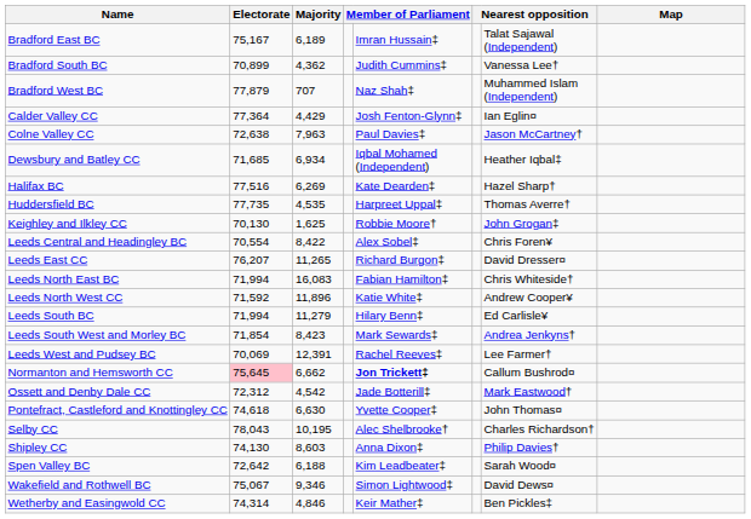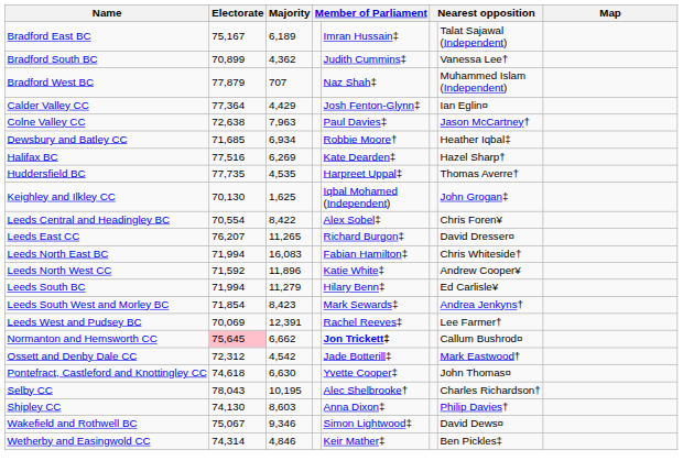 <table class="wikitable sortable">
 <tr>
 <th rowspan="1">Name</th>
 <th rowspan="1">Electorate</th>
 <th rowspan="1">Majority</th>
 <th class="unsortable" colspan="2"><a href='#'>Member of Parliament</a></th>
 <th class="unsortable" colspan="2">Nearest opposition</th>
 <th rowspan=1 class="unsortable" style="width:20%;">Map</th>
 </tr>
 <tr>
 <td><a href='#'>Bradford East BC</a></td>
 <td>75,167</td>
 <td>6,189</td>
 <td style="color:inherit;background:"></td>
 <td><a href='#'>Imran Hussain</a>‡</td>
 <td style="color:inherit;background:"></td>
 <td>Talat Sajawal<br>(<a href='#'>Independent</a>)</td>
 <td></td>
 </tr>
 <tr>
 <td><a href='#'>Bradford South BC</a></td>
 <td>70,899</td>
 <td>4,362</td>
 <td style="color:inherit;background:"></td>
 <td><a href='#'>Judith Cummins</a>‡</td>
 <td style="color:inherit;background:"></td>
 <td>Vanessa Lee†</td>
 <td></td>
 </tr>
 <tr>
 <td><a href='#'>Bradford West BC</a></td>
 <td>77,879</td>
 <td>707</td>
 <td style="color:inherit;background:"></td>
 <td><a href='#'>Naz Shah</a>‡</td>
 <td style="color:inherit;background:"></td>
 <td>Muhammed Islam<br>(<a href='#'>Independent</a>)</td>
 <td></td>
 </tr>
 <tr>
 <td><a href='#'>Calder Valley CC</a></td>
 <td>77,364</td>
 <td>4,429</td>
 <td style="color:inherit;background:"></td>
 <td><a href='#'>Josh Fenton-Glynn</a>‡</td>
 <td style="color:inherit;background:"></td>
 <td>Ian Eglin¤</td>
 <td></td>
 </tr>
 <tr>
 <td><a href='#'>Colne Valley CC</a></td>
 <td>72,638</td>
 <td>7,963</td>
 <td style="color:inherit;background:"></td>
 <td><a href='#'>Paul Davies</a>‡</td>
 <td style="color:inherit;background:"></td>
 <td><a href='#'>Jason McCartney</a>†</td>
 <td></td>
 </tr>
 <tr>
 <td><a href='#'>Dewsbury and Batley CC</a></td>
 <td>71,685</td>
 <td>6,934</td>
 <td style="color:inherit;background:"></td>
-<td><a href='#'>Iqbal Mohamed</a><br>(<a href='#'>Independent</a>)</td>
+<td><a href='#'>Robbie Moore</a>†</td>
 <td style="color:inherit;background:"></td>
 <td>Heather Iqbal‡</td>
 <td></td>
 </tr>
 <tr>
 <td><a href='#'>Halifax BC</a></td>
 <td>77,516</td>
 <td>6,269</td>
 <td style="color:inherit;background:"></td>
 <td><a href='#'>Kate Dearden</a>‡</td>
 <td style="color:inherit;background:"></td>
 <td>Hazel Sharp†</td>
 <td></td>
 </tr>
 <tr>
 <td><a href='#'>Huddersfield BC</a></td>
 <td>77,735</td>
 <td>4,535</td>
 <td style="color:inherit;background:"> </td>
 <td><a href='#'>Harpreet Uppal</a>‡</td>
 <td style="color:inherit;background:"> </td>
 <td>Thomas Averre†</td>
 <td></td>
 </tr>
 <tr>
 <td><a href='#'>Keighley and Ilkley CC</a></td>
 <td>70,130</td>
 <td>1,625</td>
 <td style="color:inherit;background:"></td>
-<td><a href='#'>Robbie Moore</a>†</td>
+<td><a href='#'>Iqbal Mohamed</a><br>(<a href='#'>Independent</a>)</td>
 <td style="color:inherit;background:"></td>
 <td><a href='#'>John Grogan</a>‡</td>
 <td></td>
 </tr>
 <tr>
 <td><a href='#'>Leeds Central and Headingley BC</a></td>
 <td>70,554</td>
 <td>8,422</td>
 <td style="color:inherit;background:"></td>
 <td><a href='#'>Alex Sobel</a>‡</td>
 <td style="color:inherit;background:"> </td>
 <td>Chris Foren¥</td>
 <td></td>
 </tr>
 <tr>
 <td><a href='#'>Leeds East CC</a></td>
 <td>76,207</td>
 <td>11,265</td>
 <td style="color:inherit;background:"></td>
 <td><a href='#'>Richard Burgon</a>‡</td>
 <td style="color:inherit;background:"></td>
 <td>David Dresser¤</td>
 <td></td>
 </tr>
 <tr>
 <td><a href='#'>Leeds North East BC</a></td>
 <td>71,994</td>
 <td>16,083</td>
 <td style="color:inherit;background:"></td>
 <td><a href='#'>Fabian Hamilton</a>‡</td>
 <td style="color:inherit;background:"></td>
 <td>Chris Whiteside†</td>
 <td></td>
 </tr>
 <tr>
 <td><a href='#'>Leeds North West CC</a></td>
 <td>71,592</td>
 <td>11,896</td>
 <td style="color:inherit;background:"></td>
 <td><a href='#'>Katie White</a>‡</td>
 <td style="color:inherit;background:"> </td>
 <td>Andrew Cooper¥</td>
 <td></td>
 </tr>
 <tr>
 <td><a href='#'>Leeds South BC</a></td>
 <td>71,994</td>
 <td>11,279</td>
 <td style="color:inherit;background:"></td>
 <td><a href='#'>Hilary Benn</a>‡</td>
 <td style="color:inherit;background:"> </td>
 <td>Ed Carlisle¥</td>
 <td></td>
 </tr>
 <tr>
 <td><a href='#'>Leeds South West and Morley BC</a></td>
 <td>71,854</td>
 <td>8,423</td>
 <td style="color:inherit;background:"> </td>
 <td><a href='#'>Mark Sewards</a>‡</td>
 <td style="color:inherit;background:"></td>
 <td><a href='#'>Andrea Jenkyns</a>†</td>
 <td></td>
 </tr>
 <tr>
 <td><a href='#'>Leeds West and Pudsey BC</a></td>
 <td>70,069</td>
 <td>12,391</td>
 <td style="color:inherit;background:"> </td>
 <td><a href='#'>Rachel Reeves</a>‡</td>
 <td style="color:inherit;background:"></td>
 <td>Lee Farmer†</td>
 <td></td>
 </tr>
 <tr>
 <td><a href='#'>Normanton and Hemsworth CC</a></td>
 <td style="background: pink;">75,645</td>
 <td>6,662</td>
 <td style="color:inherit;background:"></td>
 <td><strong><a href='#'>Jon Trickett</a>‡</strong></td>
 <td style="color:inherit;background:"></td>
 <td>Callum Bushrod¤</td>
 <td></td>
 </tr>
 <tr>
 <td><a href='#'>Ossett and Denby Dale CC</a></td>
 <td>72,312</td>
 <td>4,542</td>
 <td style="color:inherit;background:"></td>
 <td><a href='#'>Jade Botterill</a>‡</td>
 <td style="color:inherit;background:"></td>
 <td><a href='#'>Mark Eastwood</a>†</td>
 <td></td>
 </tr>
 <tr>
 <td><a href='#'>Pontefract, Castleford and Knottingley CC</a></td>
 <td>74,618</td>
 <td>6,630</td>
 <td style="color:inherit;background:"></td>
 <td><a href='#'>Yvette Cooper</a>‡</td>
 <td style="color:inherit;background:"></td>
 <td>John Thomas¤</td>
 <td></td>
 </tr>
 <tr>
 <td><a href='#'>Selby CC</a></td>
 <td>78,043</td>
 <td>10,195</td>
 <td style="color:inherit;background:"> </td>
 <td><a href='#'>Alec Shelbrooke</a>†</td>
 <td style="color:inherit;background:"> </td>
 <td>Charles Richardson†</td>
 <td></td>
 </tr>
 <tr>
 <td><a href='#'>Shipley CC</a></td>
 <td>74,130</td>
 <td>8,603</td>
 <td style="color:inherit;background:"> </td>
 <td><a href='#'>Anna Dixon</a>‡</td>
 <td style="color:inherit;background:"> </td>
 <td><a href='#'>Philip Davies</a>†</td>
 <td></td>
 </tr>
 <tr>
-<td><a href='#'>Spen Valley BC</a></td>
-<td>72,642</td>
-<td>6,188</td>
-<td style="color:inherit;background:"> </td>
-<td><a href='#'>Kim Leadbeater</a>‡</td>
-<td style="color:inherit;background:"></td>
-<td>Sarah Wood¤</td>
-<td></td>
-</tr>
-<tr>
 <td><a href='#'>Wakefield and Rothwell BC</a></td>
 <td>75,067</td>
 <td>9,346</td>
 <td style="color:inherit;background:"> </td>
 <td><a href='#'>Simon Lightwood</a>‡</td>
 <td style="color:inherit;background:"></td>
 <td>David Dews¤</td>
 <td></td>
 </tr>
 <tr>
 <td><a href='#'>Wetherby and Easingwold CC</a></td>
 <td>74,314</td>
 <td>4,846</td>
 <td style="color:inherit;background:"> </td>
 <td><a href='#'>Keir Mather</a>‡</td>
 <td style="color:inherit;background:"> </td>
 <td>Ben Pickles‡</td>
 <td></td>
 </tr>
 </table>
